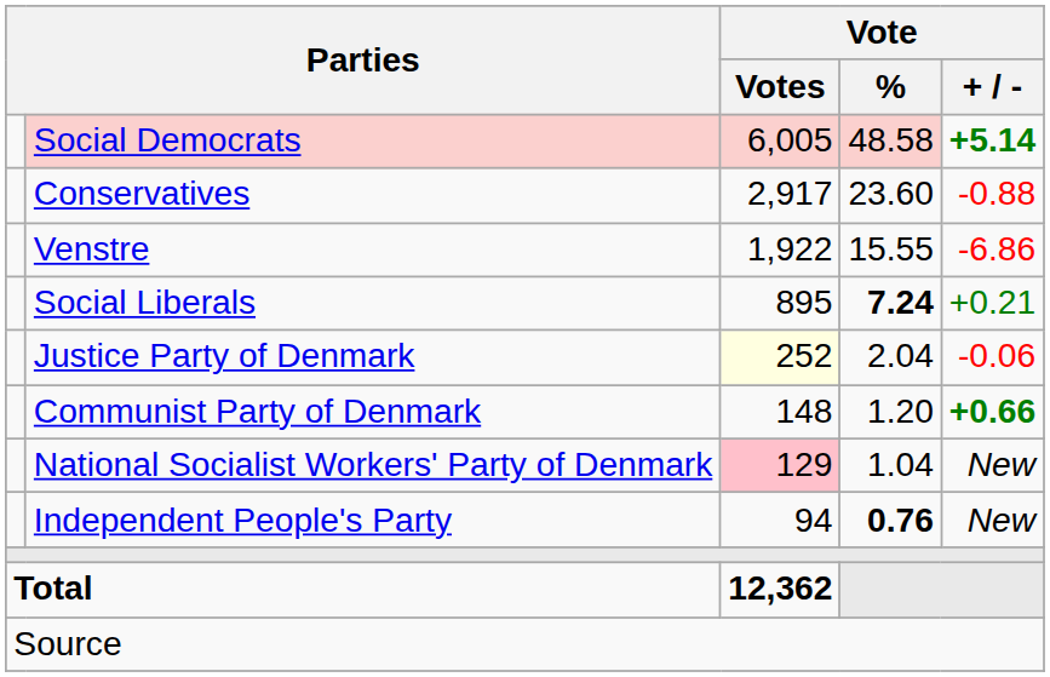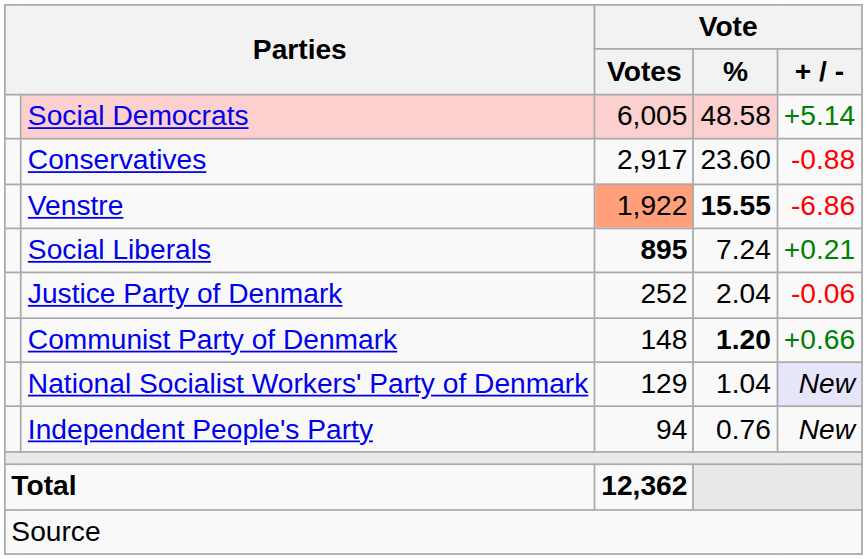 <table class="wikitable" style="text-align:right;">
 <tr>
 <th style="text-align:centre;" rowspan="2" colspan="2" width="225">Parties</th>
 <th colspan="3">Vote</th>
 </tr>
 <tr>
 <th width="15">Votes</th>
 <th width="15">%</th>
 <th width="15">+ / -</th>
 </tr>
 <tr>
 <td width="2" style="color:inherit;background:"></td>
 <td bgcolor=#fbd0ce  align="left"><a href='#'>Social Democrats</a></td>
 <td bgcolor=#fbd0ce>6,005</td>
 <td bgcolor=#fbd0ce>48.58</td>
-<td style=color:green;><strong>+5.14</strong></td>
+<td style=color:green;>+5.14</td>
 </tr>
 <tr>
 <td width="2" style="color:inherit;background:"></td>
 <td align="left"><a href='#'>Conservatives</a></td>
 <td>2,917</td>
 <td>23.60</td>
 <td style=color:red;>-0.88</td>
 </tr>
 <tr>
 <td width="2" style="color:inherit;background:"></td>
 <td align="left"><a href='#'>Venstre</a></td>
-<td>1,922</td>
-<td>15.55</td>
+<td style="background: lightsalmon;">1,922</td>
+<td><strong>15.55</strong></td>
 <td style=color:red;>-6.86</td>
 </tr>
 <tr>
 <td width="2" style="color:inherit;background:"></td>
 <td align="left"><a href='#'>Social Liberals</a></td>
-<td>895</td>
-<td><strong>7.24</strong></td>
+<td><strong>895</strong></td>
+<td>7.24</td>
 <td style=color:green;>+0.21</td>
 </tr>
 <tr>
 <td width="2" style="color:inherit;background:"></td>
 <td align="left"><a href='#'>Justice Party of Denmark</a></td>
-<td style="background: lightyellow;">252</td>
+<td>252</td>
 <td>2.04</td>
 <td style=color:red;>-0.06</td>
 </tr>
 <tr>
 <td width="2" style="color:inherit;background:"></td>
 <td align="left"><a href='#'>Communist Party of Denmark</a></td>
 <td>148</td>
-<td>1.20</td>
-<td style=color:green;><strong>+0.66</strong></td>
+<td><strong>1.20</strong></td>
+<td style=color:green;>+0.66</td>
 </tr>
 <tr>
 <td width="2" style="color:inherit;background:"></td>
 <td align="left"><a href='#'>National Socialist Workers' Party of Denmark</a></td>
-<td style="background: pink;">129</td>
+<td>129</td>
 <td>1.04</td>
-<td><em>New</em></td>
+<td style="background: lavender;"><em>New</em></td>
 </tr>
 <tr>
 <td width="2" style="color:inherit;background:"></td>
 <td align="left"><a href='#'>Independent People's Party</a></td>
 <td>94</td>
-<td><strong>0.76</strong></td>
+<td>0.76</td>
 <td><em>New</em></td>
 </tr>
 <tr>
 <td colspan="7" bgcolor="#E9E9E9"></td>
 </tr>
 <tr>
 <td align="left" colspan="2"><strong>Total</strong></td>
 <td><strong>12,362</strong></td>
 <td bgcolor="#E9E9E9" colspan="2"></td>
 </tr>
 <tr>
 <td align="left" colspan="6">Source</td>
 </tr>
 </table>
